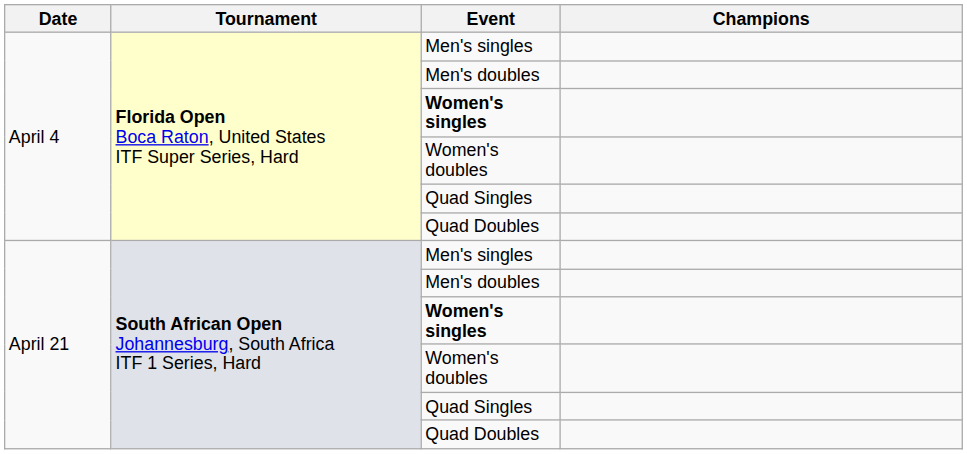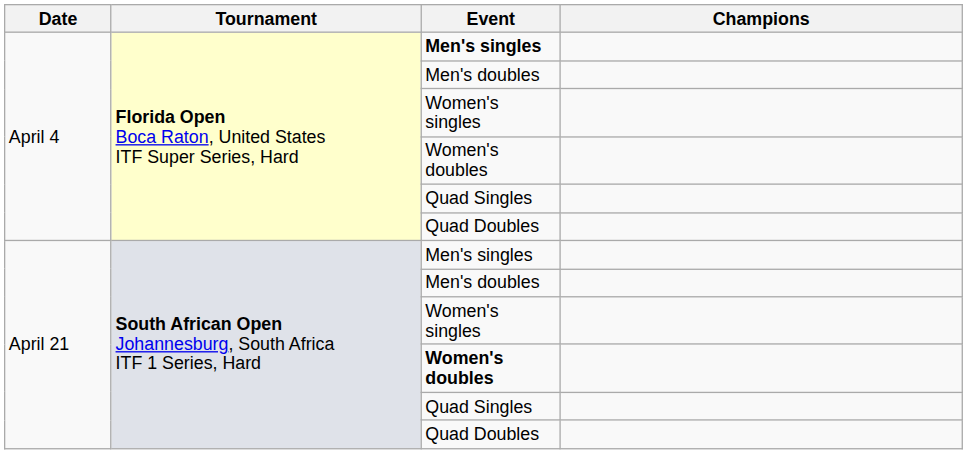 <table class=wikitable style=font-size:85%>
 <tr>
 <th width=75>Date</th>
 <th width=230>Tournament</th>
 <th width=100>Event</th>
 <th width=300>Champions</th>
 </tr>
 <tr>
 <td rowspan=6>April 4</td>
 <td bgcolor=#ffffcc rowspan=6><strong>Florida Open</strong><br> <a href='#'>Boca Raton</a>, United States<br>ITF Super Series, Hard</td>
-<td>Men's singles</td>
+<td><strong>Men's singles</strong></td>
 <td></td>
 </tr>
 <tr>
 <td>Men's doubles</td>
 <td><br></td>
 </tr>
 <tr>
-<td><strong>Women's singles</strong></td>
+<td>Women's singles</td>
 <td></td>
 </tr>
 <tr>
 <td>Women's doubles</td>
 <td><br></td>
 </tr>
 <tr>
 <td>Quad Singles</td>
 <td></td>
 </tr>
 <tr>
 <td>Quad Doubles</td>
 <td><br></td>
 </tr>
 <tr>
 <td rowspan=6>April 21</td>
 <td bgcolor=#dfe2e9 rowspan=6><strong>South African Open</strong><br> <a href='#'>Johannesburg</a>, South Africa<br>ITF 1 Series, Hard</td>
 <td>Men's singles</td>
 <td></td>
 </tr>
 <tr>
 <td>Men's doubles</td>
 <td><br></td>
 </tr>
 <tr>
-<td><strong>Women's singles</strong></td>
+<td>Women's singles</td>
 <td></td>
 </tr>
 <tr>
-<td>Women's doubles</td>
+<td><strong>Women's doubles</strong></td>
 <td><br></td>
 </tr>
 <tr>
 <td>Quad Singles</td>
 <td></td>
 </tr>
 <tr>
 <td>Quad Doubles</td>
 <td><br></td>
 </tr>
 </table>
